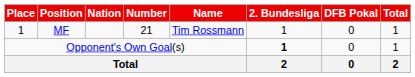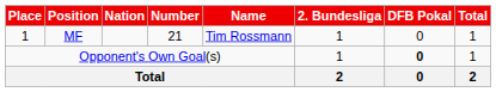 <table class="wikitable" style="font-size: 95%; text-align: center">
 <tr>
 <th style="background:#EF0000; color:white; text-align:center;"!width=80>Place</th>
 <th style="background:#EF0000; color:white; text-align:center;"!width=80>Position</th>
 <th style="background:#EF0000; color:white; text-align:center;"!width=80>Nation</th>
 <th style="background:#EF0000; color:white; text-align:center;"!width=80>Number</th>
 <th style="background:#EF0000; color:white; text-align:center;"!width=150>Name</th>
 <th style="background:#EF0000; color:white; text-align:center;"!width=150>2. Bundesliga</th>
 <th style="background:#EF0000; color:white; text-align:center;"!width=150>DFB Pokal</th>
 <th style="background:#EF0000; color:white; text-align:center;"!width=80>Total</th>
 </tr>
 <tr>
 <td rowspan=1>1</td>
 <td><a href='#'>MF</a></td>
 <td></td>
 <td>21</td>
 <td><a href='#'>Tim Rossmann</a></td>
 <td>1</td>
 <td>0</td>
 <td>1</td>
 </tr>
 <tr>
 <td colspan=5><a href='#'>Opponent's Own Goal</a>(s)</td>
-<td><strong>1</strong></td>
-<td>0</td>
+<td>1</td>
+<td><strong>0</strong></td>
 <td>1</td>
 </tr>
 <tr>
 <th colspan=5>Total</th>
 <th>2</th>
 <th>0</th>
 <th>2</th>
 </tr>
 </table>
